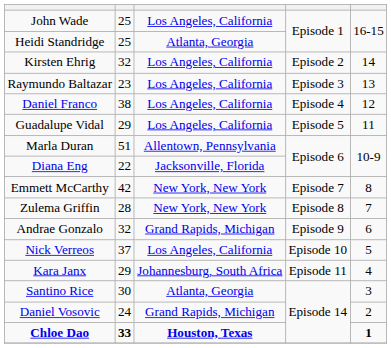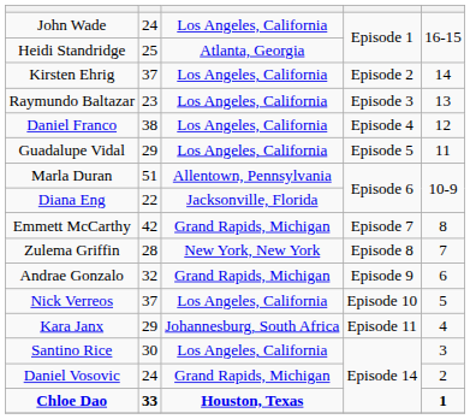 <table class="wikitable sortable" style="text-align:center;">
 <tr>
 <th></th>
 <th></th>
 <th></th>
 <th></th>
 <th></th>
 </tr>
 <tr>
 <td>John Wade</td>
-<td>25</td>
+<td>24</td>
 <td><a href='#'>Los Angeles, California</a></td>
 <td rowspan="2">Episode 1</td>
 <td rowspan="2">16-15</td>
 </tr>
 <tr>
 <td>Heidi Standridge</td>
 <td>25</td>
 <td><a href='#'>Atlanta, Georgia</a></td>
 </tr>
 <tr>
 <td>Kirsten Ehrig</td>
-<td>32</td>
+<td>37</td>
 <td><a href='#'>Los Angeles, California</a></td>
 <td>Episode 2</td>
 <td>14</td>
 </tr>
 <tr>
 <td>Raymundo Baltazar</td>
 <td>23</td>
 <td><a href='#'>Los Angeles, California</a></td>
 <td>Episode 3</td>
 <td>13</td>
 </tr>
 <tr>
 <td><a href='#'>Daniel Franco</a></td>
 <td>38</td>
 <td><a href='#'>Los Angeles, California</a></td>
 <td>Episode 4</td>
 <td>12</td>
 </tr>
 <tr>
 <td>Guadalupe Vidal</td>
 <td>29</td>
 <td><a href='#'>Los Angeles, California</a></td>
 <td>Episode 5</td>
 <td>11</td>
 </tr>
 <tr>
 <td>Marla Duran</td>
 <td>51</td>
 <td><a href='#'>Allentown, Pennsylvania</a></td>
 <td rowspan="2">Episode 6</td>
 <td rowspan="2">10-9</td>
 </tr>
 <tr>
 <td><a href='#'>Diana Eng</a></td>
 <td>22</td>
 <td><a href='#'>Jacksonville, Florida</a></td>
 </tr>
 <tr>
 <td>Emmett McCarthy</td>
 <td>42</td>
-<td><a href='#'>New York, New York</a></td>
+<td><a href='#'>Grand Rapids, Michigan</a></td>
 <td>Episode 7</td>
 <td>8</td>
 </tr>
 <tr>
 <td>Zulema Griffin</td>
 <td>28</td>
 <td><a href='#'>New York, New York</a></td>
 <td>Episode 8</td>
 <td>7</td>
 </tr>
 <tr>
 <td>Andrae Gonzalo</td>
 <td>32</td>
 <td><a href='#'>Grand Rapids, Michigan</a></td>
 <td>Episode 9</td>
 <td>6</td>
 </tr>
 <tr>
 <td><a href='#'>Nick Verreos</a></td>
 <td>37</td>
 <td><a href='#'>Los Angeles, California</a></td>
 <td>Episode 10</td>
 <td>5</td>
 </tr>
 <tr>
 <td><a href='#'>Kara Janx</a></td>
 <td>29</td>
 <td><a href='#'>Johannesburg, South Africa</a></td>
 <td>Episode 11</td>
 <td>4</td>
 </tr>
 <tr>
 <td><a href='#'>Santino Rice</a></td>
 <td>30</td>
-<td><a href='#'>Atlanta, Georgia</a></td>
+<td><a href='#'>Los Angeles, California</a></td>
 <td rowspan="3">Episode 14</td>
 <td>3</td>
 </tr>
 <tr>
 <td><a href='#'>Daniel Vosovic</a></td>
 <td>24</td>
 <td><a href='#'>Grand Rapids, Michigan</a></td>
 <td>2</td>
 </tr>
 <tr>
 <td><strong><a href='#'>Chloe Dao</a></strong></td>
 <td><strong>33</strong></td>
 <td><strong><a href='#'>Houston, Texas</a></strong></td>
 <td><strong>1</strong></td>
 </tr>
 <tr>
 </tr>
 </table>
